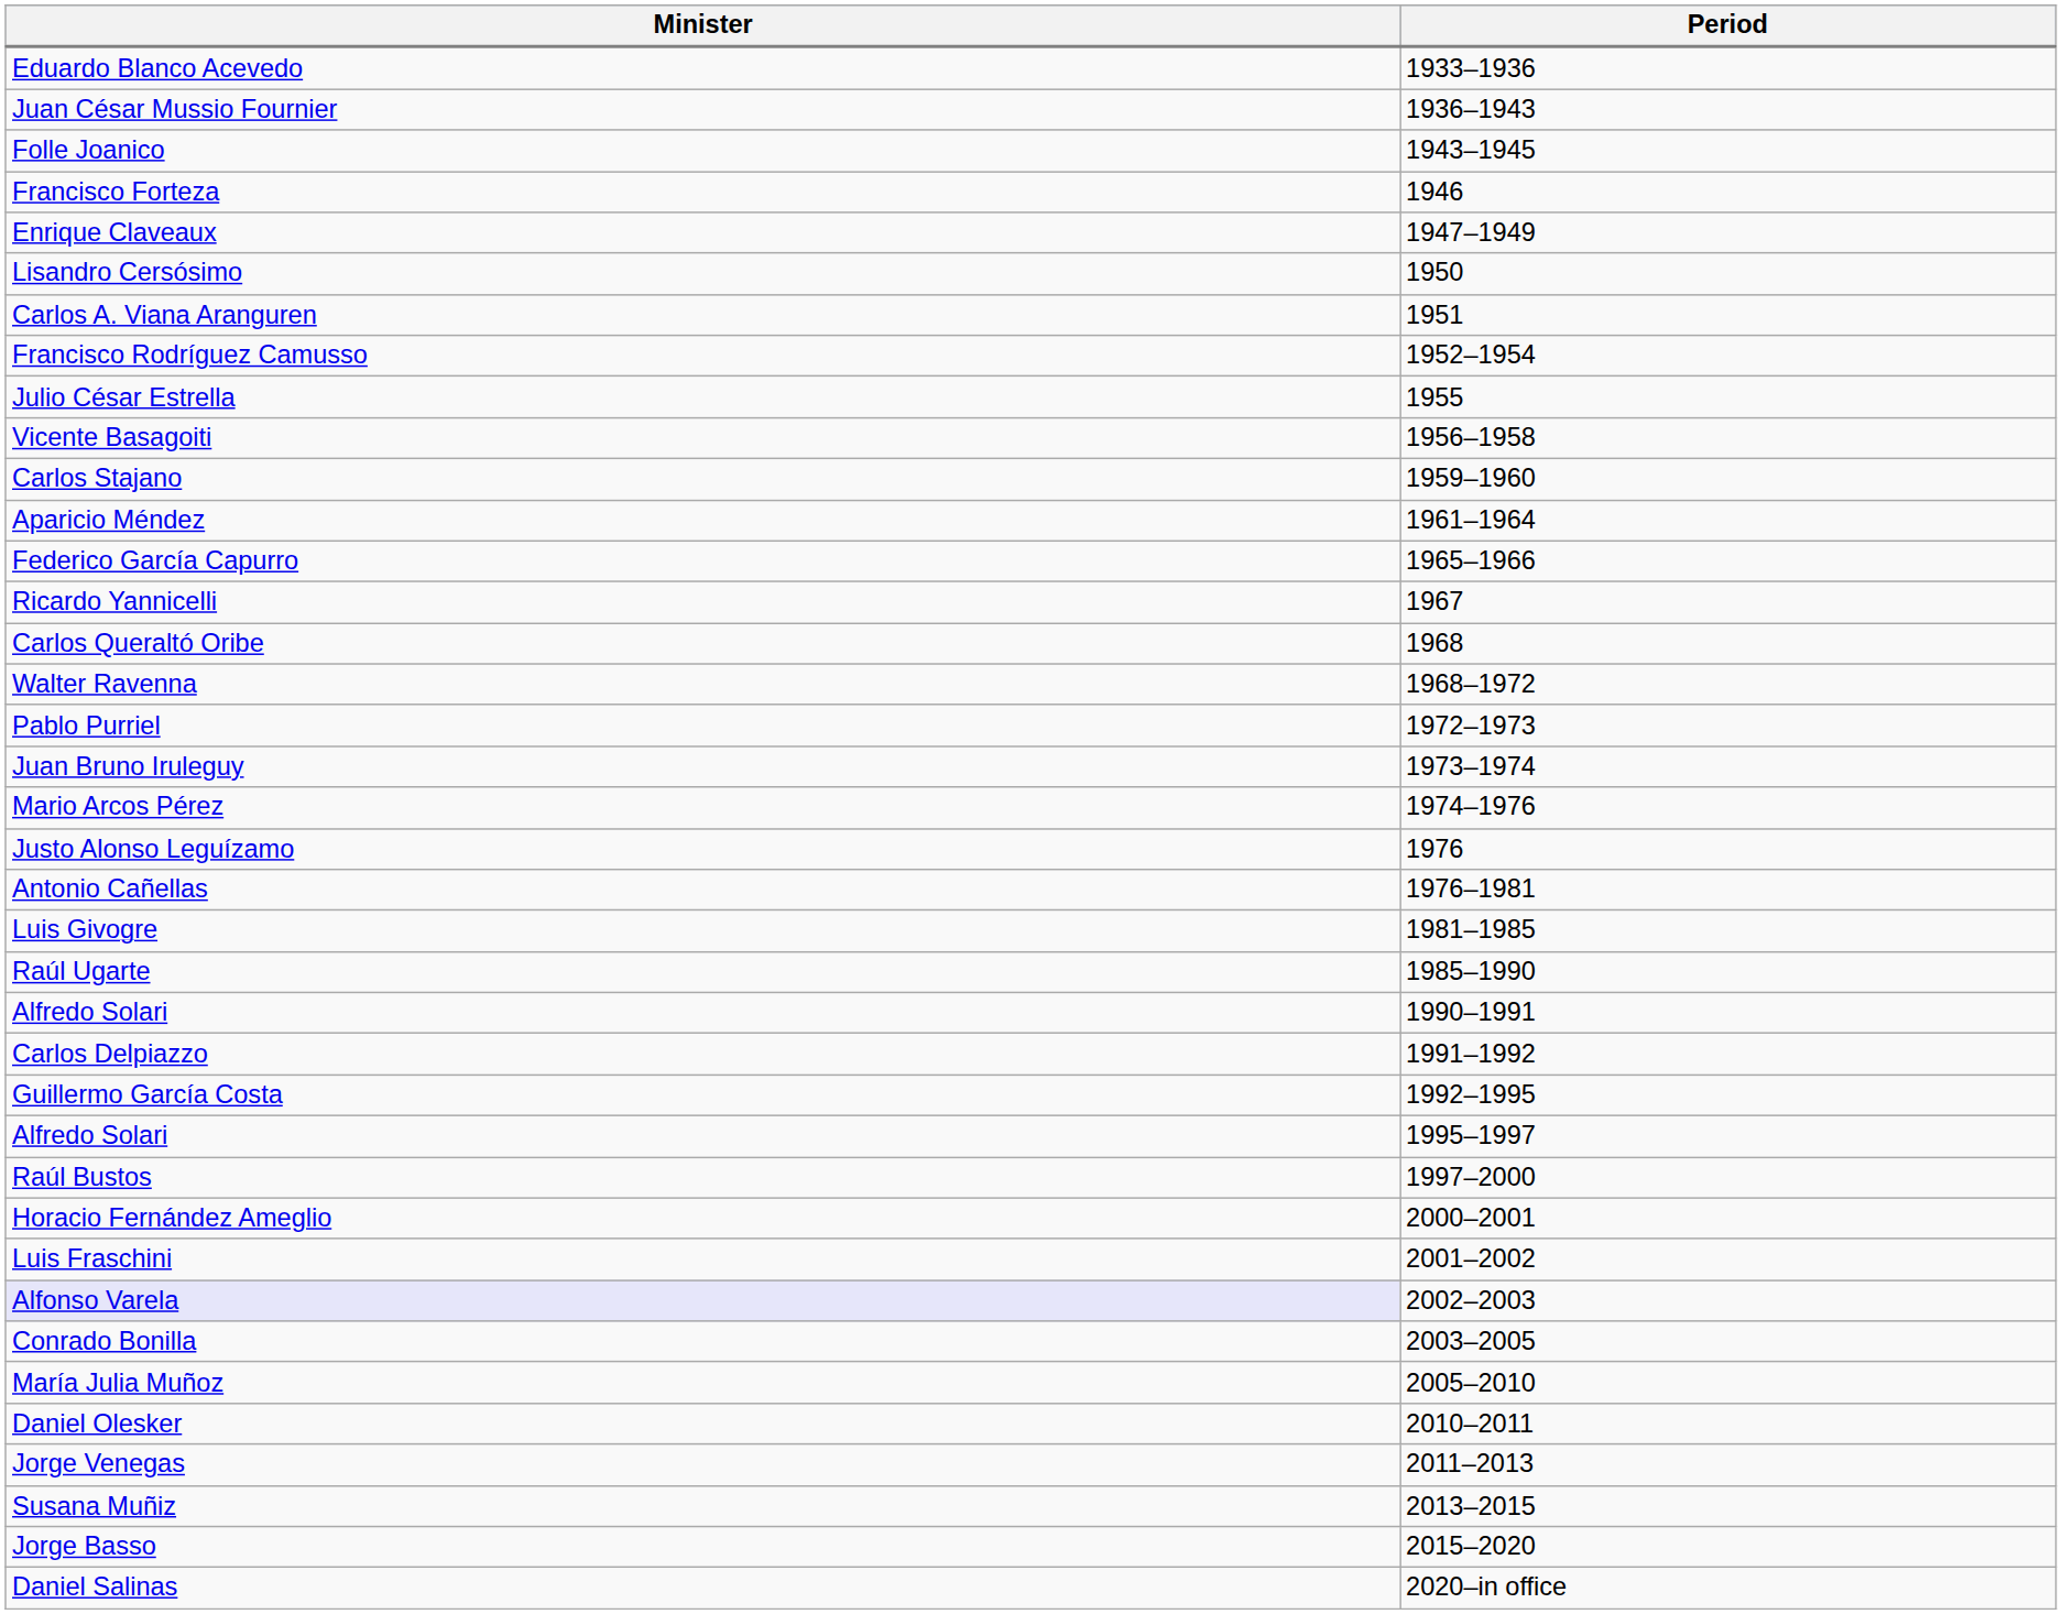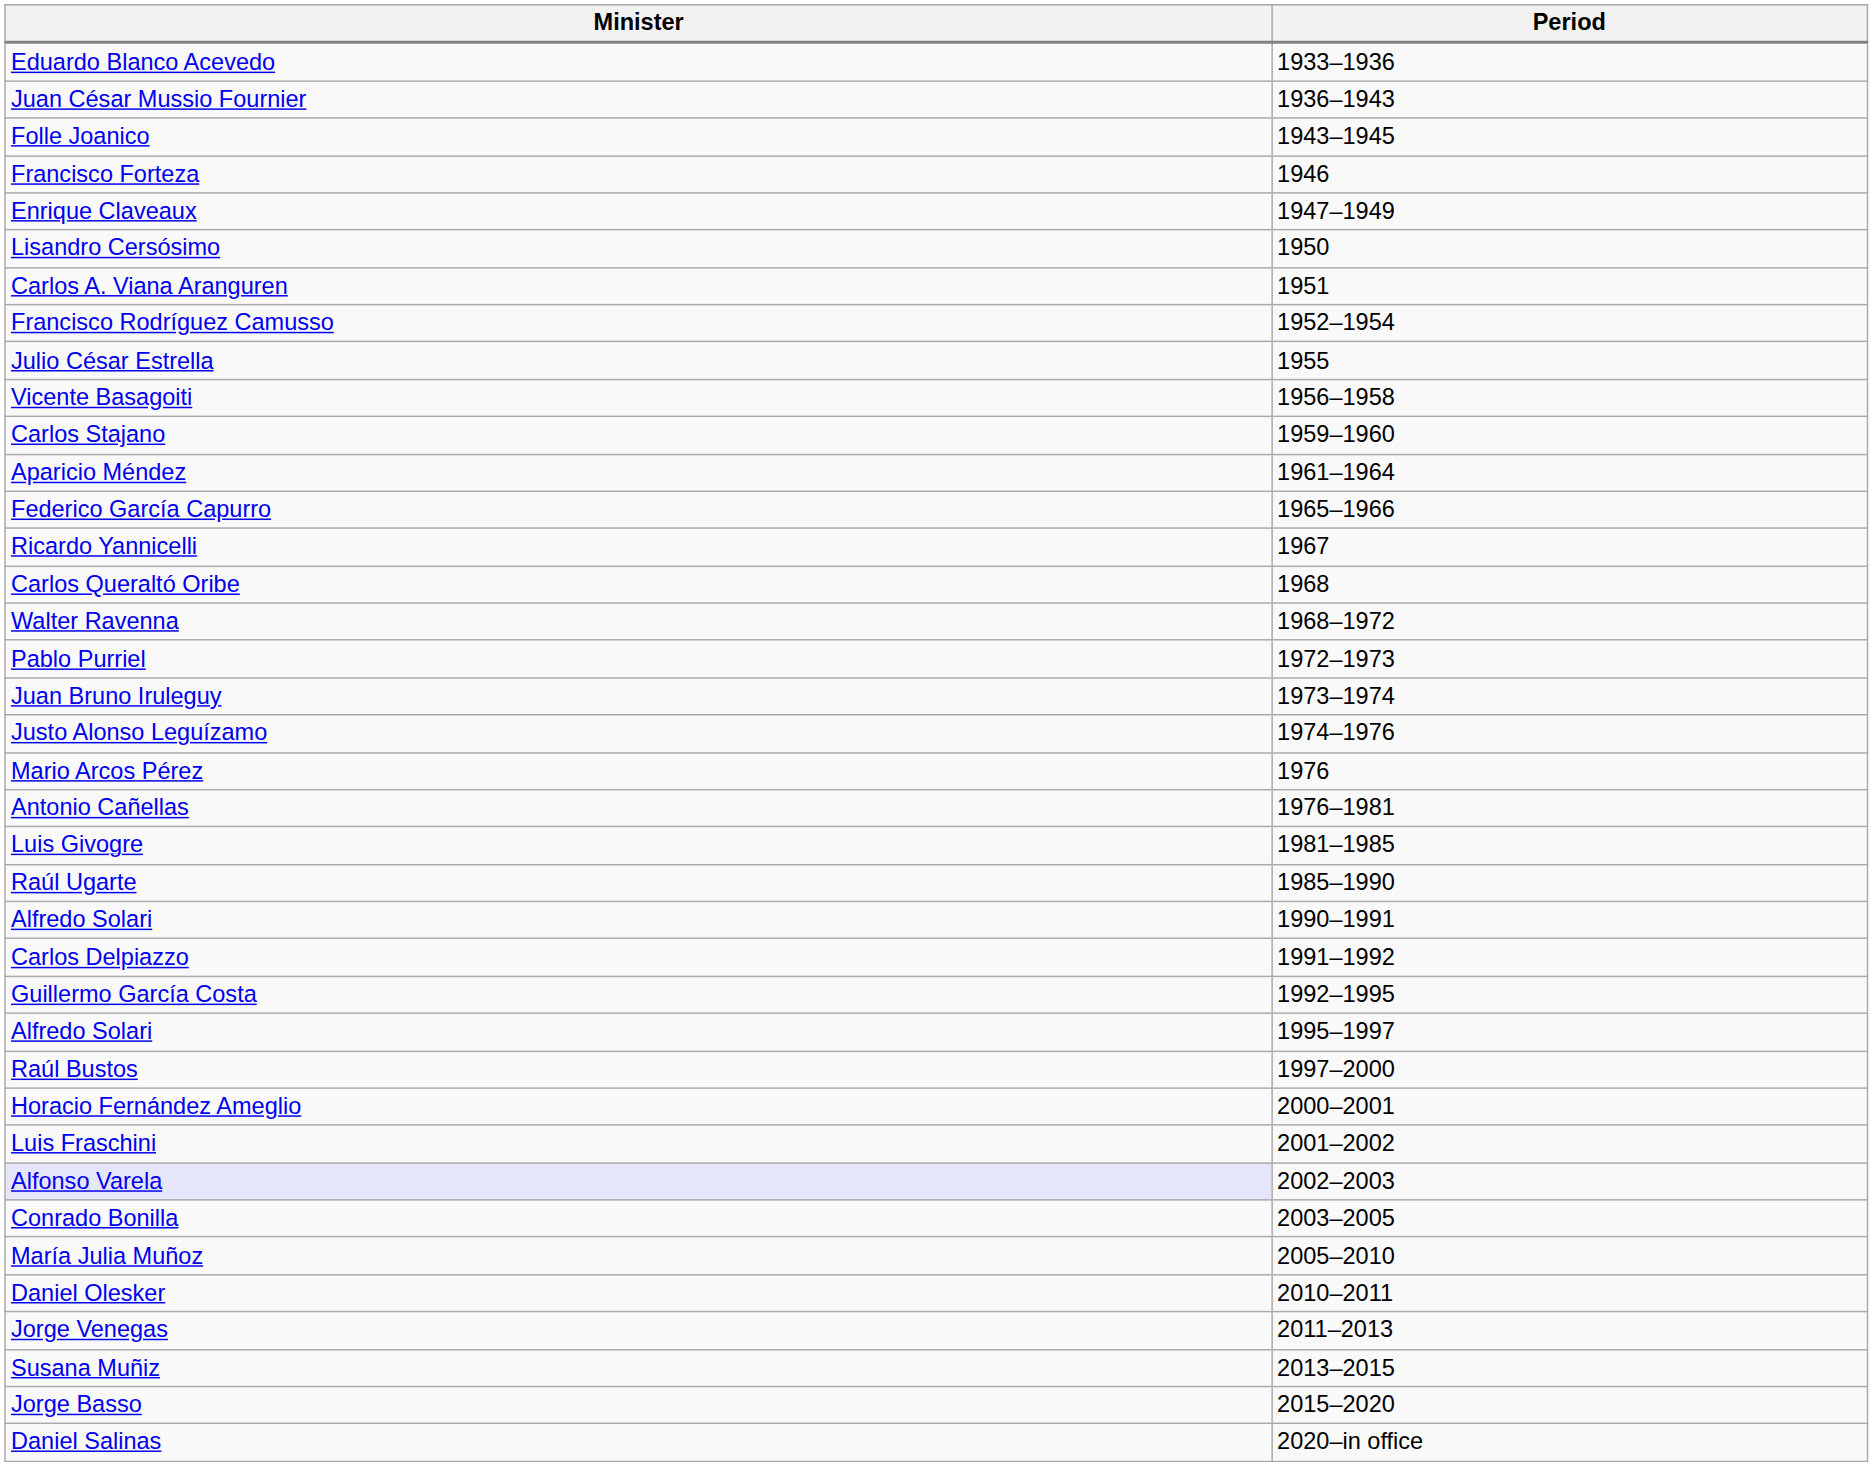 <table class="wikitable" style="margin:1em auto; width:80%;">
 <tr style="text-align:left; border-bottom:2px solid gray;" bgcolor="lightsteelblue">
 <th><strong>Minister</strong></th>
 <th><strong>Period</strong></th>
 </tr>
 <tr>
 <td><a href='#'>Eduardo Blanco Acevedo</a></td>
 <td>1933–1936</td>
 </tr>
 <tr>
 <td><a href='#'>Juan César Mussio Fournier</a></td>
 <td>1936–1943</td>
 </tr>
 <tr>
 <td><a href='#'>Folle Joanico</a></td>
 <td>1943–1945</td>
 </tr>
 <tr>
 <td><a href='#'>Francisco Forteza</a></td>
 <td>1946</td>
 </tr>
 <tr>
 <td><a href='#'>Enrique Claveaux</a></td>
 <td>1947–1949</td>
 </tr>
 <tr>
 <td><a href='#'>Lisandro Cersósimo</a></td>
 <td>1950</td>
 </tr>
 <tr>
 <td><a href='#'>Carlos A. Viana Aranguren</a></td>
 <td>1951</td>
 </tr>
 <tr>
 <td><a href='#'>Francisco Rodríguez Camusso</a></td>
 <td>1952–1954</td>
 </tr>
 <tr>
 <td><a href='#'>Julio César Estrella</a></td>
 <td>1955</td>
 </tr>
 <tr>
 <td><a href='#'>Vicente Basagoiti</a></td>
 <td>1956–1958</td>
 </tr>
 <tr>
 <td><a href='#'>Carlos Stajano</a></td>
 <td>1959–1960</td>
 </tr>
 <tr>
 <td><a href='#'>Aparicio Méndez</a></td>
 <td>1961–1964</td>
 </tr>
 <tr>
 <td><a href='#'>Federico García Capurro</a></td>
 <td>1965–1966</td>
 </tr>
 <tr>
 <td><a href='#'>Ricardo Yannicelli</a></td>
 <td>1967</td>
 </tr>
 <tr>
 <td><a href='#'>Carlos Queraltó Oribe</a></td>
 <td>1968</td>
 </tr>
 <tr>
 <td><a href='#'>Walter Ravenna</a></td>
 <td>1968–1972</td>
 </tr>
 <tr>
 <td><a href='#'>Pablo Purriel</a></td>
 <td>1972–1973</td>
 </tr>
 <tr>
 <td><a href='#'>Juan Bruno Iruleguy</a></td>
 <td>1973–1974</td>
 </tr>
 <tr>
-<td><a href='#'>Mario Arcos Pérez</a></td>
+<td><a href='#'>Justo Alonso Leguízamo</a></td>
 <td>1974–1976</td>
 </tr>
 <tr>
-<td><a href='#'>Justo Alonso Leguízamo</a></td>
+<td><a href='#'>Mario Arcos Pérez</a></td>
 <td>1976</td>
 </tr>
 <tr>
 <td><a href='#'>Antonio Cañellas</a></td>
 <td>1976–1981</td>
 </tr>
 <tr>
 <td><a href='#'>Luis Givogre</a></td>
 <td>1981–1985</td>
 </tr>
 <tr>
 <td><a href='#'>Raúl Ugarte</a></td>
 <td>1985–1990</td>
 </tr>
 <tr>
 <td><a href='#'>Alfredo Solari</a></td>
 <td>1990–1991</td>
 </tr>
 <tr>
 <td><a href='#'>Carlos Delpiazzo</a></td>
 <td>1991–1992</td>
 </tr>
 <tr>
 <td><a href='#'>Guillermo García Costa</a></td>
 <td>1992–1995</td>
 </tr>
 <tr>
 <td><a href='#'>Alfredo Solari</a></td>
 <td>1995–1997</td>
 </tr>
 <tr>
 <td><a href='#'>Raúl Bustos</a></td>
 <td>1997–2000</td>
 </tr>
 <tr>
 <td><a href='#'>Horacio Fernández Ameglio</a></td>
 <td>2000–2001</td>
 </tr>
 <tr>
 <td><a href='#'>Luis Fraschini</a></td>
 <td>2001–2002</td>
 </tr>
 <tr>
 <td style="background: lavender;"><a href='#'>Alfonso Varela</a></td>
 <td>2002–2003</td>
 </tr>
 <tr>
 <td><a href='#'>Conrado Bonilla</a></td>
 <td>2003–2005</td>
 </tr>
 <tr>
 <td><a href='#'>María Julia Muñoz</a></td>
 <td>2005–2010</td>
 </tr>
 <tr>
 <td><a href='#'>Daniel Olesker</a></td>
 <td>2010–2011</td>
 </tr>
 <tr>
 <td><a href='#'>Jorge Venegas</a></td>
 <td>2011–2013</td>
 </tr>
 <tr>
 <td><a href='#'>Susana Muñiz</a></td>
 <td>2013–2015</td>
 </tr>
 <tr>
 <td><a href='#'>Jorge Basso</a></td>
 <td>2015–2020</td>
 </tr>
 <tr>
 <td><a href='#'>Daniel Salinas</a></td>
 <td>2020–in office</td>
 </tr>
 </table>
